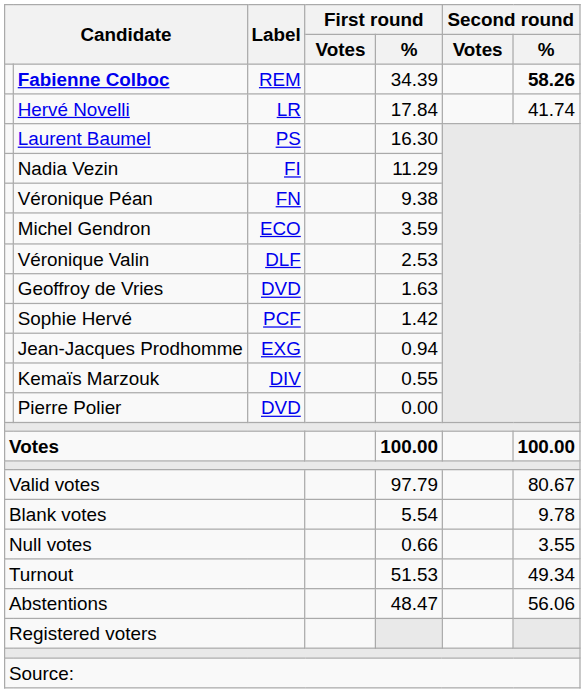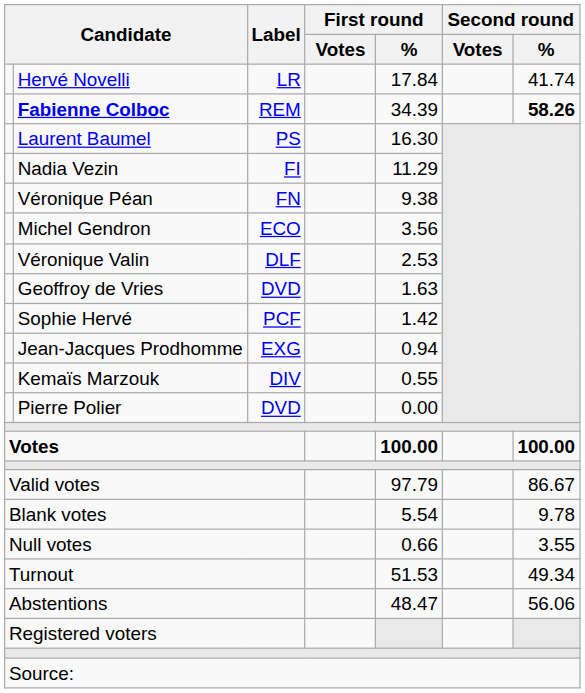 <table class="wikitable" style="text-align:right;font-size:95%;">
 <tr>
 <th rowspan="2" colspan="2">Candidate</th>
 <th rowspan="2">Label</th>
 <th colspan="2">First round</th>
 <th colspan="2">Second round</th>
 </tr>
 <tr>
 <th style="width:50px;">Votes</th>
 <th style="width:45px;">%</th>
 <th style="width:50px;">Votes</th>
 <th style="width:45px;">%</th>
 </tr>
 <tr>
 <td style="color:inherit;background:"></td>
+<td style="text-align:left;"><a href='#'>Hervé Novelli</a></td>
+<td><a href='#'>LR</a></td>
+<td></td>
+<td>17.84</td>
+<td></td>
+<td>41.74</td>
+</tr>
+<tr>
+<td style="color:inherit;background:"></td>
 <td style="text-align:left;"><strong><a href='#'>Fabienne Colboc</a></strong></td>
 <td><a href='#'>REM</a></td>
 <td></td>
 <td>34.39</td>
 <td><strong></strong></td>
 <td><strong>58.26</strong></td>
-</tr>
-<tr>
-<td style="color:inherit;background:"></td>
-<td style="text-align:left;"><a href='#'>Hervé Novelli</a></td>
-<td><a href='#'>LR</a></td>
-<td></td>
-<td>17.84</td>
-<td></td>
-<td>41.74</td>
 </tr>
 <tr>
 <td style="color:inherit;background:"></td>
 <td style="text-align:left;"><a href='#'>Laurent Baumel</a></td>
 <td><a href='#'>PS</a></td>
 <td></td>
 <td>16.30</td>
 <td colspan="2" rowspan="10" style="background:#E9E9E9;"></td>
 </tr>
 <tr>
 <td style="color:inherit;background:"></td>
 <td style="text-align:left;">Nadia Vezin</td>
 <td><a href='#'>FI</a></td>
 <td></td>
 <td>11.29</td>
 </tr>
 <tr>
 <td style="color:inherit;background:"></td>
 <td style="text-align:left;">Véronique Péan</td>
 <td><a href='#'>FN</a></td>
 <td></td>
 <td>9.38</td>
 </tr>
 <tr>
 <td style="color:inherit;background:"></td>
 <td style="text-align:left;">Michel Gendron</td>
 <td><a href='#'>ECO</a></td>
 <td></td>
-<td>3.59</td>
+<td>3.56</td>
 </tr>
 <tr>
 <td style="color:inherit;background:"></td>
 <td style="text-align:left;">Véronique Valin</td>
 <td><a href='#'>DLF</a></td>
 <td></td>
 <td>2.53</td>
 </tr>
 <tr>
 <td style="color:inherit;background:"></td>
 <td style="text-align:left;">Geoffroy de Vries</td>
 <td><a href='#'>DVD</a></td>
 <td></td>
 <td>1.63</td>
 </tr>
 <tr>
 <td style="color:inherit;background:"></td>
 <td style="text-align:left;">Sophie Hervé</td>
 <td><a href='#'>PCF</a></td>
 <td></td>
 <td>1.42</td>
 </tr>
 <tr>
 <td style="color:inherit;background:"></td>
 <td style="text-align:left;">Jean-Jacques Prodhomme</td>
 <td><a href='#'>EXG</a></td>
 <td></td>
 <td>0.94</td>
 </tr>
 <tr>
 <td style="color:inherit;background:"></td>
 <td style="text-align:left;">Kemaïs Marzouk</td>
 <td><a href='#'>DIV</a></td>
 <td></td>
 <td>0.55</td>
 </tr>
 <tr>
 <td style="color:inherit;background:"></td>
 <td style="text-align:left;">Pierre Polier</td>
 <td><a href='#'>DVD</a></td>
 <td></td>
 <td>0.00</td>
 </tr>
 <tr>
 <td colspan="7" style="background:#E9E9E9;"></td>
 </tr>
 <tr style="font-weight:bold;">
 <td colspan="3" style="text-align:left;">Votes</td>
 <td></td>
 <td>100.00</td>
 <td></td>
 <td>100.00</td>
 </tr>
 <tr>
 <td colspan="7" style="background:#E9E9E9;"></td>
 </tr>
 <tr>
 <td colspan="3" style="text-align:left;">Valid votes</td>
 <td></td>
 <td>97.79</td>
 <td></td>
-<td>80.67</td>
+<td>86.67</td>
 </tr>
 <tr>
 <td colspan="3" style="text-align:left;">Blank votes</td>
 <td></td>
 <td>5.54</td>
 <td></td>
 <td>9.78</td>
 </tr>
 <tr>
 <td colspan="3" style="text-align:left;">Null votes</td>
 <td></td>
 <td>0.66</td>
 <td></td>
 <td>3.55</td>
 </tr>
 <tr>
 <td colspan="3" style="text-align:left;">Turnout</td>
 <td></td>
 <td>51.53</td>
 <td></td>
 <td>49.34</td>
 </tr>
 <tr>
 <td colspan="3" style="text-align:left;">Abstentions</td>
 <td></td>
 <td>48.47</td>
 <td></td>
 <td>56.06</td>
 </tr>
 <tr>
 <td colspan="3" style="text-align:left;">Registered voters</td>
 <td></td>
 <td style="color:inherit;background:#E9E9E9;"></td>
 <td></td>
 <td style="color:inherit;background:#E9E9E9;"></td>
 </tr>
 <tr>
 <td colspan="7" style="background:#E9E9E9;"></td>
 </tr>
 <tr>
 <td colspan="7" style="text-align:left;">Source: </td>
 </tr>
 </table>
